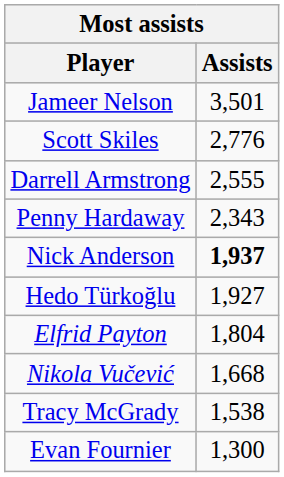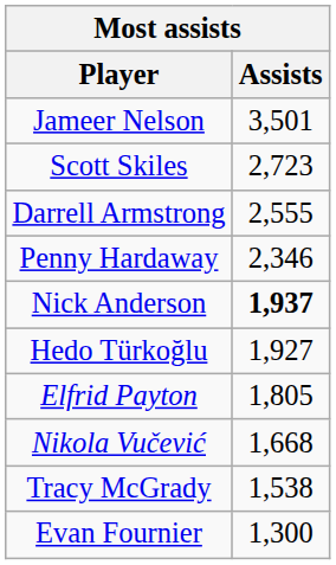 <table class="wikitable sortable" style="text-align:center">
 <tr>
 <th colspan="2" style="text-align:center; ">Most assists</th>
 </tr>
 <tr>
 <th style="text-align:center; ">Player</th>
 <th style="text-align:center; ">Assists</th>
 </tr>
 <tr>
 <td><a href='#'>Jameer Nelson</a></td>
 <td>3,501</td>
 </tr>
 <tr>
 <td><a href='#'>Scott Skiles</a></td>
-<td>2,776</td>
+<td>2,723</td>
 </tr>
 <tr>
 <td><a href='#'>Darrell Armstrong</a></td>
 <td>2,555</td>
 </tr>
 <tr>
 <td><a href='#'>Penny Hardaway</a></td>
-<td>2,343</td>
+<td>2,346</td>
 </tr>
 <tr>
 <td><a href='#'>Nick Anderson</a></td>
 <td><strong>1,937</strong></td>
 </tr>
 <tr>
 <td><a href='#'>Hedo Türkoğlu</a></td>
 <td>1,927</td>
 </tr>
 <tr>
 <td><em><a href='#'>Elfrid Payton</a></em></td>
-<td>1,804</td>
+<td>1,805</td>
 </tr>
 <tr>
 <td><em><a href='#'>Nikola Vučević</a></em></td>
 <td>1,668</td>
 </tr>
 <tr>
 <td><a href='#'>Tracy McGrady</a></td>
 <td>1,538</td>
 </tr>
 <tr>
 <td><a href='#'>Evan Fournier</a></td>
 <td>1,300</td>
 </tr>
 </table>
